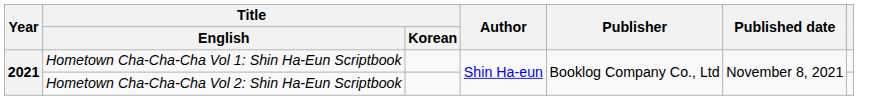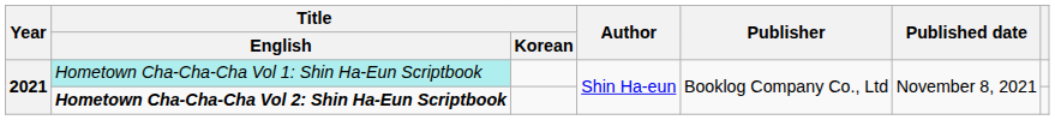 <table class="wikitable plainrowheaders">
 <tr>
 <th scope="col" rowspan="2">Year</th>
 <th scope="col" colspan="2">Title</th>
 <th scope="col" rowspan="2">Author</th>
 <th scope="col" rowspan="2">Publisher</th>
 <th scope="col" rowspan="2">Published date</th>
 <th scope="col" rowspan="2"></th>
 </tr>
 <tr>
 <th>English</th>
 <th>Korean</th>
 </tr>
 <tr>
 <th scope="row" rowspan="2">2021</th>
-<td><em>Hometown Cha-Cha-Cha Vol 1: Shin Ha-Eun Scriptbook</em></td>
+<td style="background: paleturquoise;"><em>Hometown Cha-Cha-Cha Vol 1: Shin Ha-Eun Scriptbook</em></td>
 <td></td>
 <td rowspan="2"><a href='#'>Shin Ha-eun</a></td>
 <td rowspan="2">Booklog Company Co., Ltd</td>
 <td rowspan="2">November 8, 2021</td>
 <td></td>
 </tr>
 <tr>
-<td><em>Hometown Cha-Cha-Cha Vol 2: Shin Ha-Eun Scriptbook</em></td>
+<td><strong><em>Hometown Cha-Cha-Cha Vol 2: Shin Ha-Eun Scriptbook</em></strong></td>
 <td></td>
 <td></td>
 </tr>
 </table>
